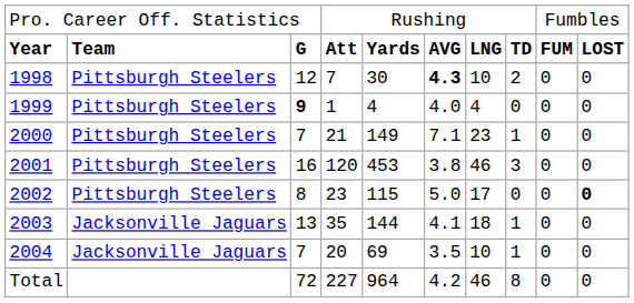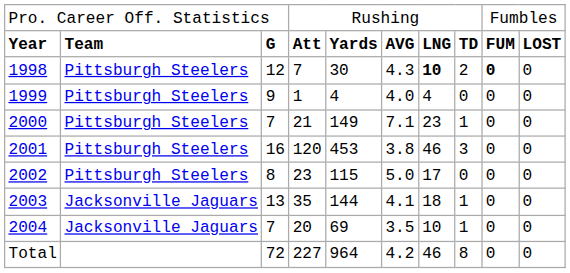 <table class="wikitable" border=0 style="background: #FFFFFF;">
 <tr>
 <td colspan=3>Pro. Career Off. Statistics</td>
 <td colspan=5 align="center">Rushing</td>
 <td colspan=2 align="center">Fumbles</td>
 </tr>
 <tr>
 <td><strong>Year</strong></td>
 <td><strong>Team</strong></td>
 <td><strong>G</strong></td>
 <td><strong>Att</strong></td>
 <td><strong>Yards</strong></td>
 <td><strong>AVG</strong></td>
 <td><strong>LNG</strong></td>
 <td><strong>TD</strong></td>
 <td><strong>FUM</strong></td>
 <td><strong>LOST</strong></td>
 </tr>
 <tr>
 <td><a href='#'>1998</a></td>
 <td><a href='#'>Pittsburgh Steelers</a></td>
 <td>12</td>
 <td>7</td>
 <td>30</td>
-<td><strong>4.3</strong></td>
-<td>10</td>
+<td>4.3</td>
+<td><strong>10</strong></td>
 <td>2</td>
-<td>0</td>
+<td><strong>0</strong></td>
 <td>0</td>
 </tr>
 <tr>
 <td><a href='#'>1999</a></td>
 <td><a href='#'>Pittsburgh Steelers</a></td>
-<td><strong>9</strong></td>
+<td>9</td>
 <td>1</td>
 <td>4</td>
 <td>4.0</td>
 <td>4</td>
 <td>0</td>
 <td>0</td>
 <td>0</td>
 </tr>
 <tr>
 <td><a href='#'>2000</a></td>
 <td><a href='#'>Pittsburgh Steelers</a></td>
 <td>7</td>
 <td>21</td>
 <td>149</td>
 <td>7.1</td>
 <td>23</td>
 <td>1</td>
 <td>0</td>
 <td>0</td>
 </tr>
 <tr>
 <td><a href='#'>2001</a></td>
 <td><a href='#'>Pittsburgh Steelers</a></td>
 <td>16</td>
 <td>120</td>
 <td>453</td>
 <td>3.8</td>
 <td>46</td>
 <td>3</td>
 <td>0</td>
 <td>0</td>
 </tr>
 <tr>
 <td><a href='#'>2002</a></td>
 <td><a href='#'>Pittsburgh Steelers</a></td>
 <td>8</td>
 <td>23</td>
 <td>115</td>
 <td>5.0</td>
 <td>17</td>
 <td>0</td>
 <td>0</td>
-<td><strong>0</strong></td>
+<td>0</td>
 </tr>
 <tr>
 <td><a href='#'>2003</a></td>
 <td><a href='#'>Jacksonville Jaguars</a></td>
 <td>13</td>
 <td>35</td>
 <td>144</td>
 <td>4.1</td>
 <td>18</td>
 <td>1</td>
 <td>0</td>
 <td>0</td>
 </tr>
 <tr>
 <td><a href='#'>2004</a></td>
 <td><a href='#'>Jacksonville Jaguars</a></td>
 <td>7</td>
 <td>20</td>
 <td>69</td>
 <td>3.5</td>
 <td>10</td>
 <td>1</td>
 <td>0</td>
 <td>0</td>
 </tr>
 <tr>
 <td>Total</td>
 <td></td>
 <td>72</td>
 <td>227</td>
 <td>964</td>
 <td>4.2</td>
 <td>46</td>
 <td>8</td>
 <td>0</td>
 <td>0</td>
 </tr>
 </table>
